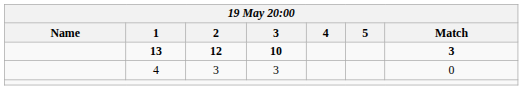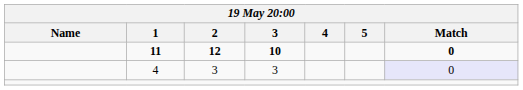 <table class=wikitable style="text-align:center; width: 55%">
 <tr>
 <th colspan=17><em>19 May 20:00</em></th>
 </tr>
 <tr>
 <th>Name</th>
 <th>1</th>
 <th>2</th>
 <th>3</th>
 <th>4</th>
 <th>5</th>
 <th>Match</th>
 </tr>
 <tr>
 <td style="text-align:left;"><strong></strong></td>
-<td><strong>13</strong></td>
+<td><strong>11</strong></td>
 <td><strong>12</strong></td>
 <td><strong>10</strong></td>
 <td></td>
 <td></td>
-<td><strong>3</strong></td>
+<td><strong>0</strong></td>
 </tr>
 <tr>
 <td style="text-align:left;"></td>
 <td>4</td>
 <td>3</td>
 <td>3</td>
 <td></td>
 <td></td>
-<td>0</td>
+<td style="background: lavender;">0</td>
 </tr>
 <tr>
 <td colspan=17></td>
 </tr>
 </table>
